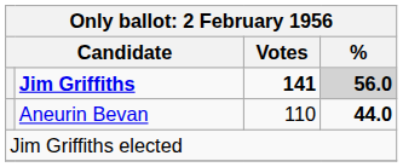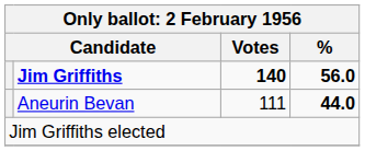 <table class=wikitable style="font-size:95%;">
 <tr>
 <th colspan="4">Only ballot: 2 February 1956</th>
 </tr>
 <tr>
 <th colspan="2" style="width: 170px">Candidate</th>
 <th style="width: 52px">Votes</th>
 <th style="width: 52px">%</th>
 </tr>
 <tr>
 <th style="background-color: "></th>
 <td style="width: 170px"><strong><a href='#'>Jim Griffiths</a></strong></td>
-<td align="right"><strong>141</strong></td>
-<td align="right" style="background: lightgrey;"><strong>56.0</strong></td>
+<td align="right"><strong>140</strong></td>
+<td align="right"><strong>56.0</strong></td>
 </tr>
 <tr>
 <th style="background-color: "></th>
 <td style="width: 170px"><a href='#'>Aneurin Bevan</a></td>
-<td align="right">110</td>
+<td align="right">111</td>
 <td align="right"><strong>44.0</strong></td>
 </tr>
 <tr>
 <td colspan="4">Jim Griffiths elected</td>
 </tr>
 <tr>
 </tr>
 </table>
